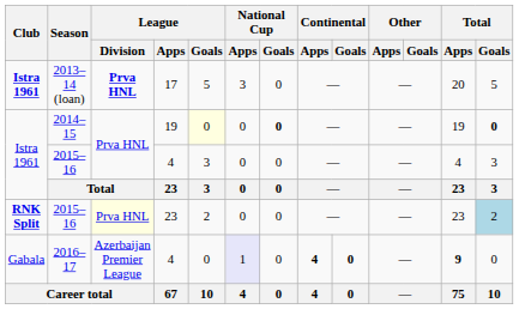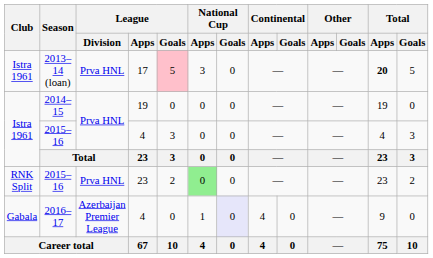 <table class="wikitable" style="text-align: center;">
 <tr>
 <th rowspan="2">Club</th>
 <th rowspan="2">Season</th>
 <th colspan="3">League</th>
 <th colspan="2">National Cup</th>
 <th colspan="2">Continental</th>
 <th colspan="2">Other</th>
 <th colspan="2">Total</th>
 </tr>
 <tr>
 <th>Division</th>
 <th>Apps</th>
 <th>Goals</th>
 <th>Apps</th>
 <th>Goals</th>
 <th>Apps</th>
 <th>Goals</th>
 <th>Apps</th>
 <th>Goals</th>
 <th>Apps</th>
 <th>Goals</th>
 </tr>
 <tr>
-<td valign="center"><strong><a href='#'>Istra 1961</a></strong></td>
+<td valign="center"><a href='#'>Istra 1961</a></td>
 <td><a href='#'>2013–14</a> (loan)</td>
-<td><strong><a href='#'>Prva HNL</a></strong></td>
+<td><a href='#'>Prva HNL</a></td>
 <td>17</td>
-<td>5</td>
+<td style="background: pink;">5</td>
 <td>3</td>
 <td>0</td>
 <td colspan="2">—</td>
 <td colspan="2">—</td>
-<td>20</td>
+<td><strong>20</strong></td>
 <td>5</td>
 </tr>
 <tr>
 <td rowspan="3" valign="center"><a href='#'>Istra 1961</a></td>
 <td><a href='#'>2014–15</a></td>
 <td rowspan="2" valign="center"><a href='#'>Prva HNL</a></td>
 <td>19</td>
-<td style="background: lightyellow;">0</td>
 <td>0</td>
-<td><strong>0</strong></td>
+<td>0</td>
+<td>0</td>
 <td colspan="2">—</td>
 <td colspan="2">—</td>
 <td>19</td>
-<td><strong>0</strong></td>
+<td>0</td>
 </tr>
 <tr>
 <td><a href='#'>2015–16</a></td>
 <td>4</td>
 <td>3</td>
 <td>0</td>
 <td>0</td>
 <td colspan="2">—</td>
 <td colspan="2">—</td>
 <td>4</td>
 <td>3</td>
 </tr>
 <tr>
 <th colspan="2">Total</th>
 <th>23</th>
 <th>3</th>
 <th>0</th>
 <th>0</th>
 <th colspan="2">—</th>
 <th colspan="2">—</th>
 <th>23</th>
 <th>3</th>
 </tr>
 <tr>
-<td valign="center"><strong><a href='#'>RNK Split</a></strong></td>
+<td valign="center"><a href='#'>RNK Split</a></td>
 <td><a href='#'>2015–16</a></td>
-<td style="background: lightyellow;"><a href='#'>Prva HNL</a></td>
+<td><a href='#'>Prva HNL</a></td>
 <td>23</td>
 <td>2</td>
-<td>0</td>
+<td style="background: lightgreen;">0</td>
 <td>0</td>
 <td colspan="2">—</td>
 <td colspan="2">—</td>
 <td>23</td>
-<td style="background: lightblue;">2</td>
+<td>2</td>
 </tr>
 <tr>
 <td valign="center"><a href='#'>Gabala</a></td>
 <td><a href='#'>2016–17</a></td>
 <td><a href='#'>Azerbaijan Premier League</a></td>
 <td>4</td>
 <td>0</td>
-<td style="background: lavender;">1</td>
+<td>1</td>
+<td style="background: lavender;">0</td>
+<td>4</td>
 <td>0</td>
-<td><strong>4</strong></td>
-<td><strong>0</strong></td>
 <td colspan="2">—</td>
-<td><strong>9</strong></td>
+<td>9</td>
 <td>0</td>
 </tr>
 <tr>
 <th colspan="3">Career total</th>
 <th>67</th>
 <th>10</th>
 <th>4</th>
 <th>0</th>
 <th>4</th>
 <th>0</th>
 <th colspan="2">—</th>
 <th>75</th>
 <th>10</th>
 </tr>
 </table>
